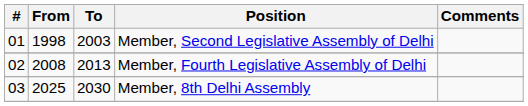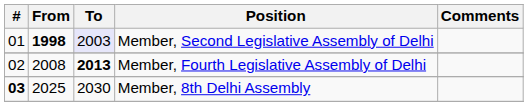 <table class="wikitable sortable">
 <tr>
 <th>#</th>
 <th>From</th>
 <th>To</th>
 <th>Position</th>
 <th>Comments</th>
 </tr>
 <tr>
 <td>01</td>
-<td>1998</td>
-<td>2003</td>
+<td><strong>1998</strong></td>
+<td style="background: lavender;">2003</td>
 <td>Member, <a href='#'>Second Legislative Assembly of Delhi</a></td>
 <td></td>
 </tr>
 <tr>
 </tr>
 <tr>
 <td>02</td>
 <td>2008</td>
-<td>2013</td>
+<td><strong>2013</strong></td>
 <td>Member, <a href='#'>Fourth Legislative Assembly of Delhi</a></td>
 <td></td>
 </tr>
 <tr>
 </tr>
 <tr>
-<td>03</td>
+<td><strong>03</strong></td>
 <td>2025</td>
 <td>2030</td>
 <td>Member, <a href='#'>8th Delhi Assembly</a></td>
 <td></td>
 </tr>
 <tr>
 </tr>
 <tr>
 </tr>
 </table>
